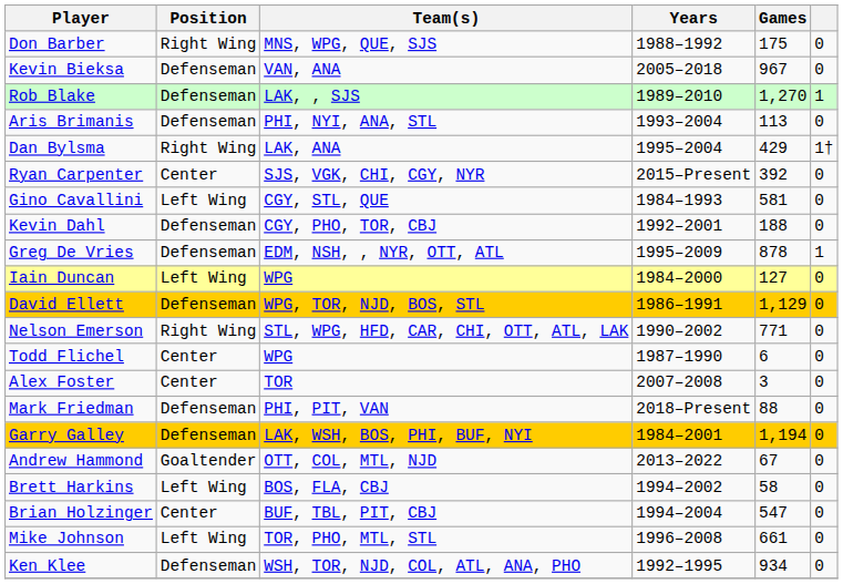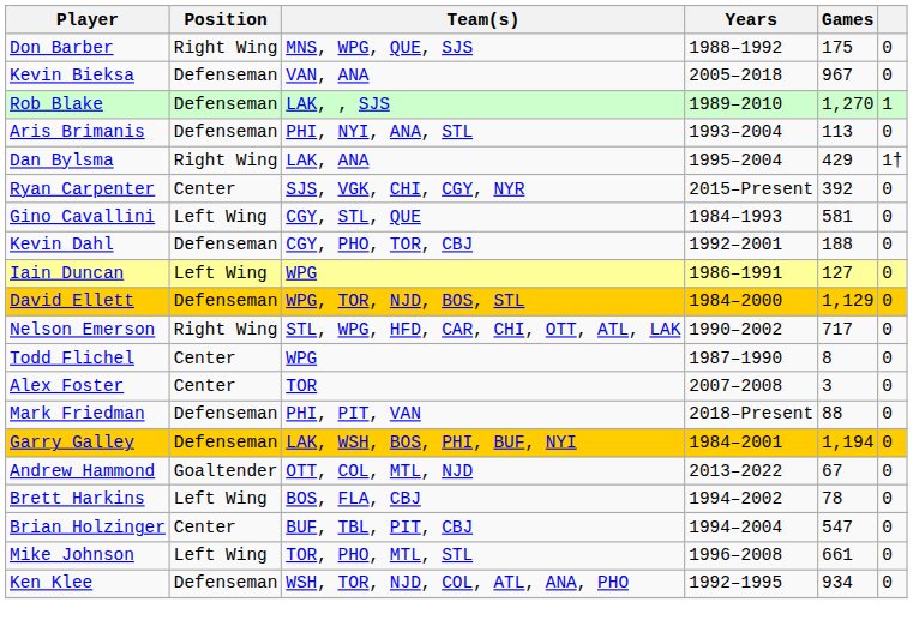 <table class="wikitable sortable">
 <tr>
 <th>Player</th>
 <th>Position</th>
 <th>Team(s)</th>
 <th>Years</th>
 <th>Games</th>
 <th><a href='#'></a></th>
 </tr>
 <tr>
 <td><a href='#'>Don Barber</a></td>
 <td>Right Wing</td>
 <td><a href='#'>MNS</a>, <a href='#'>WPG</a>, <a href='#'>QUE</a>, <a href='#'>SJS</a></td>
 <td>1988–1992</td>
 <td>175</td>
 <td>0</td>
 </tr>
 <tr>
 <td><a href='#'>Kevin Bieksa</a></td>
 <td>Defenseman</td>
 <td><a href='#'>VAN</a>, <a href='#'>ANA</a></td>
 <td>2005–2018</td>
 <td>967</td>
 <td>0</td>
 </tr>
 <tr bgcolor=#CCFFCC>
 <td><a href='#'>Rob Blake</a></td>
 <td>Defenseman</td>
 <td><a href='#'>LAK</a>, <span><strong></strong></span>, <a href='#'>SJS</a></td>
 <td>1989–2010</td>
 <td>1,270</td>
 <td>1</td>
 </tr>
 <tr>
 <td><a href='#'>Aris Brimanis</a></td>
 <td>Defenseman</td>
 <td><a href='#'>PHI</a>, <a href='#'>NYI</a>, <a href='#'>ANA</a>, <a href='#'>STL</a></td>
 <td>1993–2004</td>
 <td>113</td>
 <td>0</td>
 </tr>
 <tr>
 <td><a href='#'>Dan Bylsma</a></td>
 <td>Right Wing</td>
 <td><a href='#'>LAK</a>, <a href='#'>ANA</a></td>
 <td>1995–2004</td>
 <td>429</td>
 <td>1†</td>
 </tr>
 <tr>
 <td><a href='#'>Ryan Carpenter</a></td>
 <td>Center</td>
 <td><a href='#'>SJS</a>, <a href='#'>VGK</a>, <a href='#'>CHI</a>, <a href='#'>CGY</a>, <a href='#'>NYR</a></td>
 <td>2015–Present</td>
 <td>392</td>
 <td>0</td>
 </tr>
 <tr>
 <td><a href='#'>Gino Cavallini</a></td>
 <td>Left Wing</td>
 <td><a href='#'>CGY</a>, <a href='#'>STL</a>, <a href='#'>QUE</a></td>
 <td>1984–1993</td>
 <td>581</td>
 <td>0</td>
 </tr>
 <tr>
 <td><a href='#'>Kevin Dahl</a></td>
 <td>Defenseman</td>
 <td><a href='#'>CGY</a>, <a href='#'>PHO</a>, <a href='#'>TOR</a>, <a href='#'>CBJ</a></td>
 <td>1992–2001</td>
 <td>188</td>
 <td>0</td>
 </tr>
-<tr>
-<td><a href='#'>Greg De Vries</a></td>
-<td>Defenseman</td>
-<td><a href='#'>EDM</a>, <a href='#'>NSH</a>, <span><strong></strong></span>, <a href='#'>NYR</a>, <a href='#'>OTT</a>, <a href='#'>ATL</a></td>
-<td>1995–2009</td>
-<td>878</td>
-<td>1</td>
-</tr>
 <tr bgcolor=#FFFF99>
 <td><a href='#'>Iain Duncan</a></td>
 <td>Left Wing</td>
 <td><a href='#'>WPG</a></td>
-<td>1984–2000</td>
+<td>1986–1991</td>
 <td>127</td>
 <td>0</td>
 </tr>
 <tr bgcolor=#FFCC00>
 <td><a href='#'>David Ellett</a></td>
 <td>Defenseman</td>
 <td><a href='#'>WPG</a>, <a href='#'>TOR</a>, <a href='#'>NJD</a>, <a href='#'>BOS</a>, <a href='#'>STL</a></td>
-<td>1986–1991</td>
+<td>1984–2000</td>
 <td>1,129</td>
 <td>0</td>
 </tr>
 <tr>
 <td><a href='#'>Nelson Emerson</a></td>
 <td>Right Wing</td>
 <td><a href='#'>STL</a>, <a href='#'>WPG</a>, <a href='#'>HFD</a>, <a href='#'>CAR</a>, <a href='#'>CHI</a>, <a href='#'>OTT</a>, <a href='#'>ATL</a>, <a href='#'>LAK</a></td>
 <td>1990–2002</td>
-<td>771</td>
+<td>717</td>
 <td>0</td>
 </tr>
 <tr>
 <td><a href='#'>Todd Flichel</a></td>
 <td>Center</td>
 <td><a href='#'>WPG</a></td>
 <td>1987–1990</td>
-<td>6</td>
+<td>8</td>
 <td>0</td>
 </tr>
 <tr>
 <td><a href='#'>Alex Foster</a></td>
 <td>Center</td>
 <td><a href='#'>TOR</a></td>
 <td>2007–2008</td>
 <td>3</td>
 <td>0</td>
 </tr>
 <tr>
 <td><a href='#'>Mark Friedman</a></td>
 <td>Defenseman</td>
 <td><a href='#'>PHI</a>, <a href='#'>PIT</a>, <a href='#'>VAN</a></td>
 <td>2018–Present</td>
 <td>88</td>
 <td>0</td>
 </tr>
 <tr bgcolor=#FFCC00>
 <td><a href='#'>Garry Galley</a></td>
 <td>Defenseman</td>
 <td><a href='#'>LAK</a>, <a href='#'>WSH</a>, <a href='#'>BOS</a>, <a href='#'>PHI</a>, <a href='#'>BUF</a>, <a href='#'>NYI</a></td>
 <td>1984–2001</td>
 <td>1,194</td>
 <td>0</td>
 </tr>
 <tr>
 <td><a href='#'>Andrew Hammond</a></td>
 <td>Goaltender</td>
 <td><a href='#'>OTT</a>, <a href='#'>COL</a>, <a href='#'>MTL</a>, <a href='#'>NJD</a></td>
 <td>2013–2022</td>
 <td>67</td>
 <td>0</td>
 </tr>
 <tr>
 <td><a href='#'>Brett Harkins</a></td>
 <td>Left Wing</td>
 <td><a href='#'>BOS</a>, <a href='#'>FLA</a>, <a href='#'>CBJ</a></td>
 <td>1994–2002</td>
-<td>58</td>
+<td>78</td>
 <td>0</td>
 </tr>
 <tr>
 <td><a href='#'>Brian Holzinger</a></td>
 <td>Center</td>
 <td><a href='#'>BUF</a>, <a href='#'>TBL</a>, <a href='#'>PIT</a>, <a href='#'>CBJ</a></td>
 <td>1994–2004</td>
 <td>547</td>
 <td>0</td>
 </tr>
 <tr>
 <td><a href='#'>Mike Johnson</a></td>
 <td>Left Wing</td>
 <td><a href='#'>TOR</a>, <a href='#'>PHO</a>, <a href='#'>MTL</a>, <a href='#'>STL</a></td>
 <td>1996–2008</td>
 <td>661</td>
 <td>0</td>
 </tr>
 <tr>
 <td><a href='#'>Ken Klee</a></td>
 <td>Defenseman</td>
 <td><a href='#'>WSH</a>, <a href='#'>TOR</a>, <a href='#'>NJD</a>, <a href='#'>COL</a>, <a href='#'>ATL</a>, <a href='#'>ANA</a>, <a href='#'>PHO</a></td>
 <td>1992–1995</td>
 <td>934</td>
 <td>0</td>
 </tr>
 <tr>
 </tr>
 </table>
